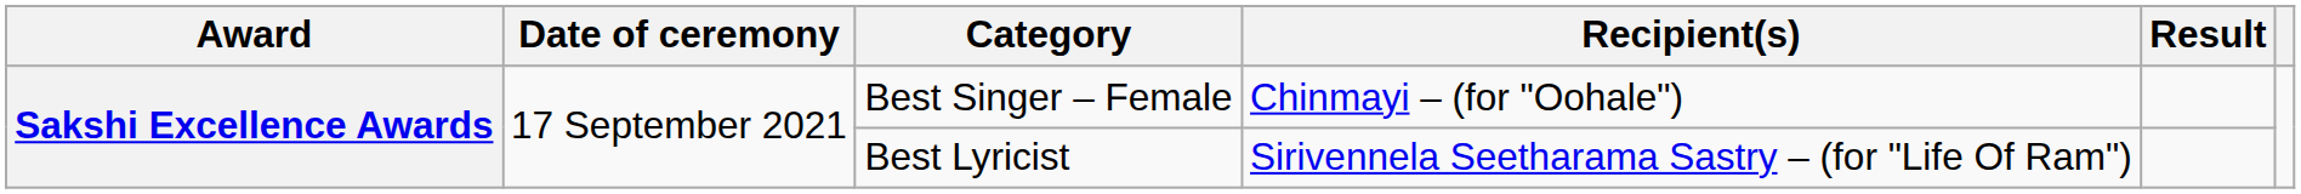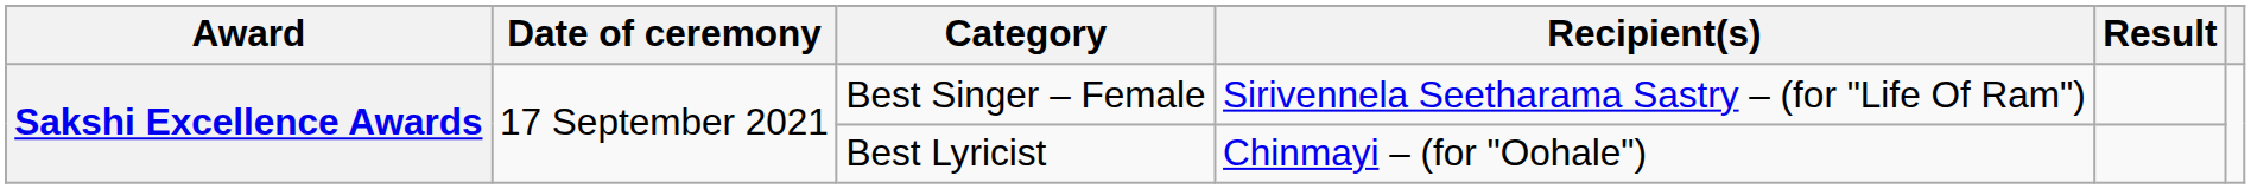 <table class="wikitable plainrowheaders sortable">
 <tr>
 <th scope="col">Award</th>
 <th scope="col">Date of ceremony</th>
 <th scope="col">Category</th>
 <th scope="col">Recipient(s)</th>
 <th scope="col">Result</th>
 <th scope="col" class="unsortable"></th>
 </tr>
 <tr>
 <th rowspan="7" scope="row"><a href='#'>Sakshi Excellence Awards</a></th>
 <td rowspan="7">17 September 2021</td>
 <td>Best Singer – Female</td>
-<td><a href='#'>Chinmayi</a> – (for "Oohale")</td>
+<td><a href='#'>Sirivennela Seetharama Sastry</a> – (for "Life Of Ram")</td>
 <td></td>
 </tr>
 <tr>
 <td>Best Lyricist</td>
-<td><a href='#'>Sirivennela Seetharama Sastry</a> – (for "Life Of Ram")</td>
+<td><a href='#'>Chinmayi</a> – (for "Oohale")</td>
 <td></td>
 </tr>
 </table>
